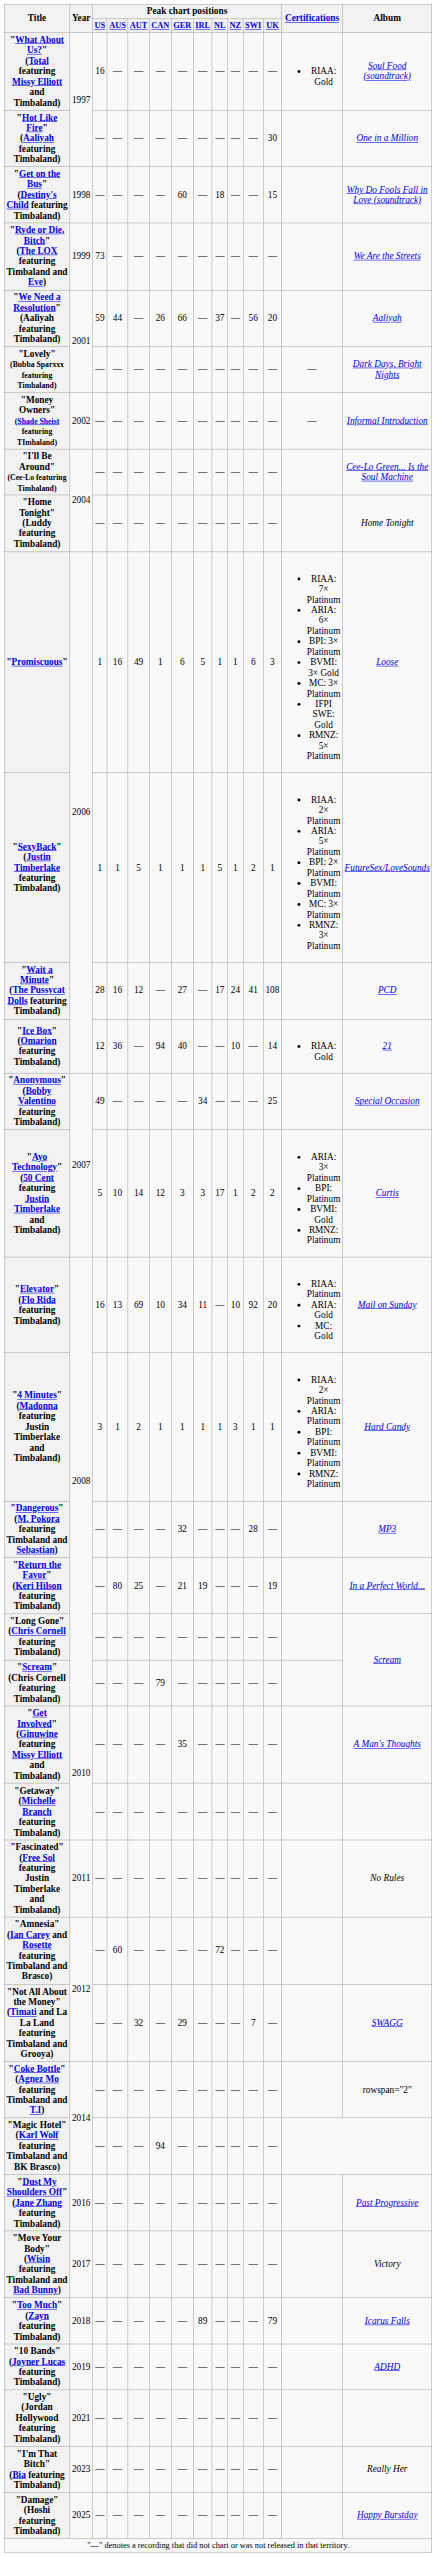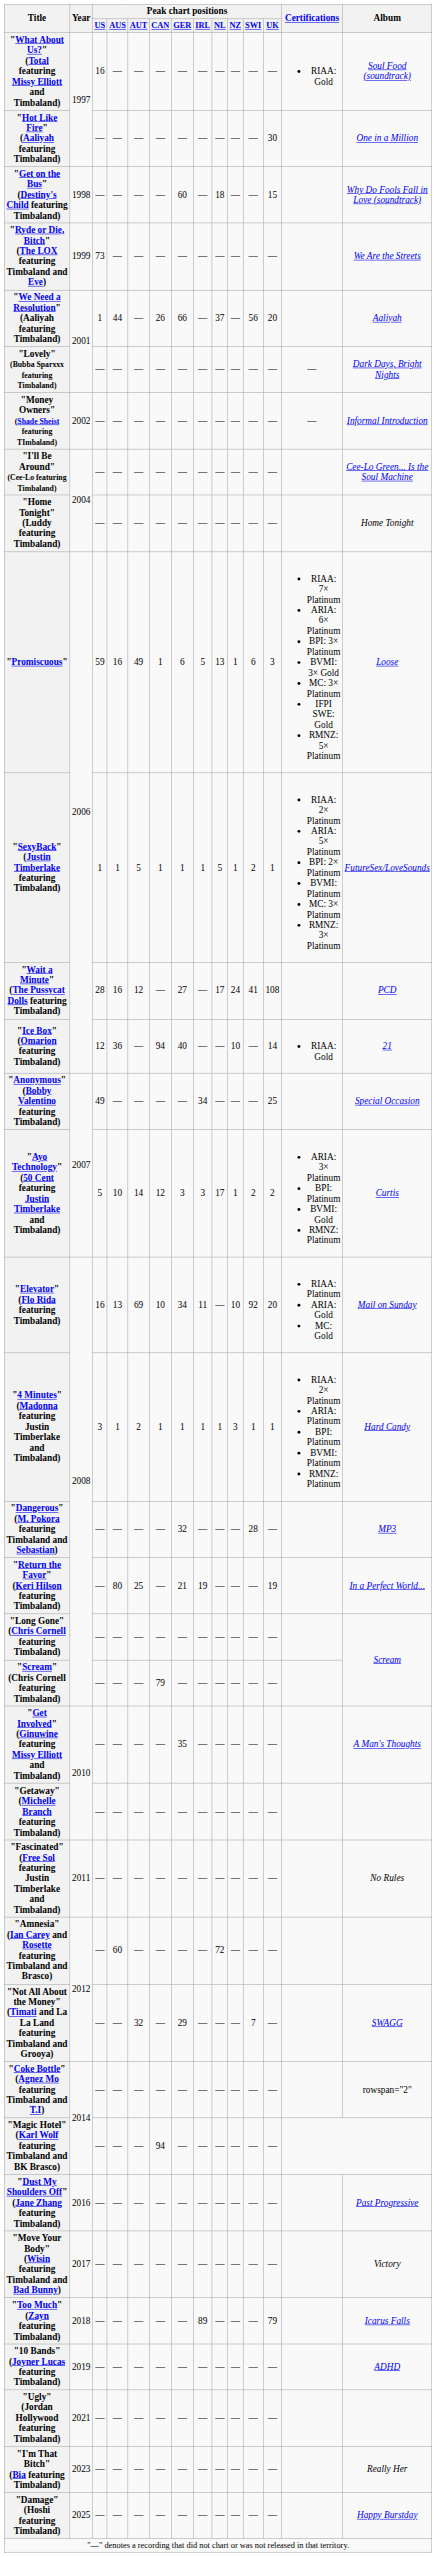 <table class="wikitable plainrowheaders" style="text-align:center;">
 <tr>
 <th scope="col" rowspan="2" style="width:25em;">Title</th>
 <th scope="col" rowspan="2">Year</th>
 <th scope="col" colspan="10">Peak chart positions</th>
 <th scope="col" rowspan="2" style="width:12em;"><a href='#'>Certifications</a></th>
 <th scope="col" rowspan="2" style="width:18em;">Album</th>
 </tr>
 <tr>
 <th style="width:3em; font-size:90%"><a href='#'>US</a><br></th>
 <th style="width:3em; font-size:90%"><a href='#'>AUS</a><br></th>
 <th style="width:3em; font-size:90%"><a href='#'>AUT</a><br></th>
 <th style="width:3em; font-size:90%"><a href='#'>CAN</a><br></th>
 <th style="width:3em; font-size:90%"><a href='#'>GER</a><br></th>
 <th style="width:3em; font-size:90%"><a href='#'>IRL</a><br></th>
 <th style="width:3em; font-size:90%"><a href='#'>NL</a><br></th>
 <th style="width:3em; font-size:90%"><a href='#'>NZ</a><br></th>
 <th style="width:3em;font-size:90%;"><a href='#'>SWI</a><br></th>
 <th style="width:3em; font-size:90%"><a href='#'>UK</a><br></th>
 </tr>
 <tr>
 <th scope="row">"<a href='#'>What About Us?</a>"<br><span>(<a href='#'>Total</a> featuring <a href='#'>Missy Elliott</a> and Timbaland)</span></th>
 <td rowspan="2">1997</td>
 <td>16</td>
 <td>—</td>
 <td>—</td>
 <td>—</td>
 <td>—</td>
 <td>—</td>
 <td>—</td>
 <td>—</td>
 <td>—</td>
 <td>—</td>
 <td><br><ul><li>RIAA: Gold</li></ul></td>
 <td><em><a href='#'>Soul Food (soundtrack)</a></em></td>
 </tr>
 <tr>
 <th scope="row">"<a href='#'>Hot Like Fire</a>"<br><span>(<a href='#'>Aaliyah</a> featuring Timbaland)</span></th>
 <td>—</td>
 <td>—</td>
 <td>—</td>
 <td>—</td>
 <td>—</td>
 <td>—</td>
 <td>—</td>
 <td>—</td>
 <td>—</td>
 <td>30</td>
 <td></td>
 <td><em><a href='#'>One in a Million</a></em></td>
 </tr>
 <tr>
 <th scope="row">"<a href='#'>Get on the Bus</a>"<br><span>(<a href='#'>Destiny's Child</a> featuring Timbaland)</span></th>
 <td>1998</td>
 <td>—</td>
 <td>—</td>
 <td>—</td>
 <td>—</td>
 <td>60</td>
 <td>—</td>
 <td>18</td>
 <td>—</td>
 <td>—</td>
 <td>15</td>
 <td></td>
 <td><a href='#'><em>Why Do Fools Fall in Love (soundtrack)</em></a></td>
 </tr>
 <tr>
 <th scope="row">"<a href='#'>Ryde or Die, Bitch</a>"<br><span>(<a href='#'>The LOX</a> featuring Timbaland and <a href='#'>Eve</a>)</span></th>
 <td>1999</td>
 <td>73</td>
 <td>—</td>
 <td>—</td>
 <td>—</td>
 <td>—</td>
 <td>—</td>
 <td>—</td>
 <td>—</td>
 <td>—</td>
 <td>—</td>
 <td></td>
 <td><em><a href='#'>We Are the Streets</a></em></td>
 </tr>
 <tr>
 <th scope="row">"<a href='#'>We Need a Resolution</a>"<br><span>(Aaliyah featuring Timbaland)</span></th>
 <td rowspan="2">2001</td>
-<td>59</td>
+<td>1</td>
 <td>44</td>
 <td>—</td>
 <td>26</td>
 <td>66</td>
 <td>—</td>
 <td>37</td>
 <td>—</td>
 <td>56</td>
 <td>20</td>
 <td></td>
 <td><em><a href='#'>Aaliyah</a></em></td>
 </tr>
 <tr>
 <th scope="row">"Lovely"<br><small>(Bubba Sparxxx featuring Timbaland)</small></th>
 <td>—</td>
 <td>—</td>
 <td>—</td>
 <td>—</td>
 <td>—</td>
 <td>—</td>
 <td>—</td>
 <td>—</td>
 <td>—</td>
 <td>—</td>
 <td>—</td>
 <td><a href='#'><em>Dark Days, Bright Nights</em></a></td>
 </tr>
 <tr>
 <th scope="row">"Money Owners"<br><small>(<a href='#'>Shade Sheist</a> featuring TImbaland)</small></th>
 <td>2002</td>
 <td>—</td>
 <td>—</td>
 <td>—</td>
 <td>—</td>
 <td>—</td>
 <td>—</td>
 <td>—</td>
 <td>—</td>
 <td>—</td>
 <td>—</td>
 <td>—</td>
 <td><a href='#'><em>Informal Introduction</em></a></td>
 </tr>
 <tr>
 <th scope="row">"I'll Be Around"<br><small>(Cee-Lo featuring Timbaland)</small></th>
 <td rowspan="2">2004</td>
 <td>—</td>
 <td>—</td>
 <td>—</td>
 <td>—</td>
 <td>—</td>
 <td>—</td>
 <td>—</td>
 <td>—</td>
 <td>—</td>
 <td>—</td>
 <td></td>
 <td><a href='#'><em>Cee-Lo Green... Is the Soul Machine</em></a></td>
 </tr>
 <tr>
 <th scope="row">"Home Tonight"<br><span>(Luddy featuring Timbaland)</span></th>
 <td>—</td>
 <td>—</td>
 <td>—</td>
 <td>—</td>
 <td>—</td>
 <td>—</td>
 <td>—</td>
 <td>—</td>
 <td>—</td>
 <td>—</td>
 <td></td>
 <td><em>Home Tonight</em></td>
 </tr>
 <tr>
 <th scope="row">"<a href='#'>Promiscuous</a>"<br><span></span></th>
 <td rowspan="4">2006</td>
-<td>1</td>
+<td>59</td>
 <td>16</td>
 <td>49</td>
 <td>1</td>
 <td>6</td>
 <td>5</td>
-<td>1</td>
+<td>13</td>
 <td>1</td>
 <td>6</td>
 <td>3</td>
 <td><br><ul><li>RIAA: 7× Platinum</li><li>ARIA: 6× Platinum</li><li>BPI: 3× Platinum</li><li>BVMI: 3× Gold</li><li>MC: 3× Platinum</li><li>IFPI SWE: Gold</li><li>RMNZ: 5× Platinum</li></ul></td>
 <td><em><a href='#'>Loose</a></em></td>
 </tr>
 <tr>
 <th scope="row">"<a href='#'>SexyBack</a>"<br><span>(<a href='#'>Justin Timberlake</a> featuring Timbaland)</span></th>
 <td>1</td>
 <td>1</td>
 <td>5</td>
 <td>1</td>
 <td>1</td>
 <td>1</td>
 <td>5</td>
 <td>1</td>
 <td>2</td>
 <td>1</td>
 <td><br><ul><li>RIAA: 2× Platinum</li><li>ARIA: 5× Platinum</li><li>BPI: 2× Platinum</li><li>BVMI: Platinum</li><li>MC: 3× Platinum</li><li>RMNZ: 3× Platinum</li></ul></td>
 <td><em><a href='#'>FutureSex/LoveSounds</a></em></td>
 </tr>
 <tr>
 <th scope="row">"<a href='#'>Wait a Minute</a>"<br><span>(<a href='#'>The Pussycat Dolls</a> featuring Timbaland)</span></th>
 <td>28</td>
 <td>16</td>
 <td>12</td>
 <td>—</td>
 <td>27</td>
 <td>—</td>
 <td>17</td>
 <td>24</td>
 <td>41</td>
 <td>108</td>
 <td></td>
 <td><em><a href='#'>PCD</a></em></td>
 </tr>
 <tr>
 <th scope="row">"<a href='#'>Ice Box</a>"<br><span>(<a href='#'>Omarion</a> featuring Timbaland)</span></th>
 <td>12</td>
 <td>36</td>
 <td>—</td>
 <td>94</td>
 <td>40</td>
 <td>—</td>
 <td>—</td>
 <td>10</td>
 <td>—</td>
 <td>14</td>
 <td><br><ul><li>RIAA: Gold</li></ul></td>
 <td><em><a href='#'>21</a></em></td>
 </tr>
 <tr>
 <th scope="row">"<a href='#'>Anonymous</a>"<br><span>(<a href='#'>Bobby Valentino</a> featuring Timbaland)</span></th>
 <td rowspan="2">2007</td>
 <td>49</td>
 <td>—</td>
 <td>—</td>
 <td>—</td>
 <td>—</td>
 <td>34</td>
 <td>—</td>
 <td>—</td>
 <td>—</td>
 <td>25</td>
 <td></td>
 <td><em><a href='#'>Special Occasion</a></em></td>
 </tr>
 <tr>
 <th scope="row">"<a href='#'>Ayo Technology</a>"<br><span>(<a href='#'>50 Cent</a> featuring <a href='#'>Justin Timberlake</a> and Timbaland)</span></th>
 <td>5</td>
 <td>10</td>
 <td>14</td>
 <td>12</td>
 <td>3</td>
 <td>3</td>
 <td>17</td>
 <td>1</td>
 <td>2</td>
 <td>2</td>
 <td><br><ul><li>ARIA: 3× Platinum</li><li>BPI: Platinum</li><li>BVMI: Gold</li><li>RMNZ: Platinum</li></ul></td>
 <td><em><a href='#'>Curtis</a></em></td>
 </tr>
 <tr>
 <th scope="row">"<a href='#'>Elevator</a>"<br><span>(<a href='#'>Flo Rida</a> featuring Timbaland)</span></th>
 <td rowspan="6">2008</td>
 <td>16</td>
 <td>13</td>
 <td>69</td>
 <td>10</td>
 <td>34</td>
 <td>11</td>
 <td>—</td>
 <td>10</td>
 <td>92</td>
 <td>20</td>
 <td><br><ul><li>RIAA: Platinum</li><li>ARIA: Gold</li><li>MC: Gold</li></ul></td>
 <td><em><a href='#'>Mail on Sunday</a></em></td>
 </tr>
 <tr>
 <th scope="row">"<a href='#'>4 Minutes</a>"<br><span>(<a href='#'>Madonna</a> featuring Justin Timberlake and Timbaland)</span></th>
 <td>3</td>
 <td>1</td>
 <td>2</td>
 <td>1</td>
 <td>1</td>
 <td>1</td>
 <td>1</td>
 <td>3</td>
 <td>1</td>
 <td>1</td>
 <td><br><ul><li>RIAA: 2× Platinum</li><li>ARIA: Platinum</li><li>BPI: Platinum</li><li>BVMI: Platinum</li><li>RMNZ: Platinum</li></ul></td>
 <td><em><a href='#'>Hard Candy</a></em></td>
 </tr>
 <tr>
 <th scope="row">"<a href='#'>Dangerous</a>"<br><span>(<a href='#'>M. Pokora</a> featuring Timbaland and <a href='#'>Sebastian</a>)</span></th>
 <td>—</td>
 <td>—</td>
 <td>—</td>
 <td>—</td>
 <td>32</td>
 <td>—</td>
 <td>—</td>
 <td>—</td>
 <td>28</td>
 <td>—</td>
 <td></td>
 <td><em><a href='#'>MP3</a></em></td>
 </tr>
 <tr>
 <th scope="row">"<a href='#'>Return the Favor</a>"<br><span>(<a href='#'>Keri Hilson</a> featuring Timbaland)</span></th>
 <td>—</td>
 <td>80</td>
 <td>25</td>
 <td>—</td>
 <td>21</td>
 <td>19</td>
 <td>—</td>
 <td>—</td>
 <td>—</td>
 <td>19</td>
 <td></td>
 <td><em><a href='#'>In a Perfect World...</a></em></td>
 </tr>
 <tr>
 <th scope="row">"Long Gone"<br><span>(<a href='#'>Chris Cornell</a> featuring Timbaland)</span></th>
 <td>—</td>
 <td>—</td>
 <td>—</td>
 <td>—</td>
 <td>—</td>
 <td>—</td>
 <td>—</td>
 <td>—</td>
 <td>—</td>
 <td>—</td>
 <td></td>
 <td rowspan="2"><em><a href='#'>Scream</a></em></td>
 </tr>
 <tr>
 <th scope="row">"<a href='#'>Scream</a>"<br><span>(Chris Cornell featuring Timbaland)</span></th>
 <td>—</td>
 <td>—</td>
 <td>—</td>
 <td>79</td>
 <td>—</td>
 <td>—</td>
 <td>—</td>
 <td>—</td>
 <td>—</td>
 <td>—</td>
 <td></td>
 </tr>
 <tr>
 <th scope="row">"<a href='#'>Get Involved</a>"<br><span>(<a href='#'>Ginuwine</a> featuring <a href='#'>Missy Elliott</a> and Timbaland)</span></th>
 <td rowspan="2">2010</td>
 <td>—</td>
 <td>—</td>
 <td>—</td>
 <td>—</td>
 <td>35</td>
 <td>—</td>
 <td>—</td>
 <td>—</td>
 <td>—</td>
 <td>—</td>
 <td></td>
 <td><em><a href='#'>A Man's Thoughts</a></em></td>
 </tr>
 <tr>
 <th scope="row">"Getaway"<br><span>(<a href='#'>Michelle Branch</a> featuring Timbaland)</span></th>
 <td>—</td>
 <td>—</td>
 <td>—</td>
 <td>—</td>
 <td>—</td>
 <td>—</td>
 <td>—</td>
 <td>—</td>
 <td>—</td>
 <td>—</td>
 <td></td>
 <td></td>
 </tr>
 <tr>
 <th scope="row">"Fascinated"<br><span>(<a href='#'>Free Sol</a> featuring Justin Timberlake and Timbaland)</span></th>
 <td>2011</td>
 <td>—</td>
 <td>—</td>
 <td>—</td>
 <td>—</td>
 <td>—</td>
 <td>—</td>
 <td>—</td>
 <td>—</td>
 <td>—</td>
 <td>—</td>
 <td></td>
 <td><em>No Rules</em></td>
 </tr>
 <tr>
 <th scope="row">"Amnesia"<br><span>(<a href='#'>Ian Carey</a> and <a href='#'>Rosette</a> featuring Timbaland and Brasco)</span></th>
 <td rowspan="2">2012</td>
 <td>—</td>
 <td>60</td>
 <td>—</td>
 <td>—</td>
 <td>—</td>
 <td>—</td>
 <td>72</td>
 <td>—</td>
 <td>—</td>
 <td>—</td>
 <td></td>
 <td></td>
 </tr>
 <tr>
 <th scope="row">"Not All About the Money"<br><span>(<a href='#'>Timati</a> and La La Land featuring Timbaland and Grooya)</span></th>
 <td>—</td>
 <td>—</td>
 <td>32</td>
 <td>—</td>
 <td>29</td>
 <td>—</td>
 <td>—</td>
 <td>—</td>
 <td>7</td>
 <td>—</td>
 <td></td>
 <td><em><a href='#'>SWAGG</a></em></td>
 </tr>
 <tr>
 <th scope="row">"<a href='#'>Coke Bottle</a>"<br><span>(<a href='#'>Agnez Mo</a> featuring Timbaland and <a href='#'>T.I</a>)</span></th>
 <td rowspan="2">2014</td>
 <td>—</td>
 <td>—</td>
 <td>—</td>
 <td>—</td>
 <td>—</td>
 <td>—</td>
 <td>—</td>
 <td>—</td>
 <td>—</td>
 <td>—</td>
 <td></td>
 <td>rowspan="2" </td>
 </tr>
 <tr>
 <th scope="row">"Magic Hotel"<br><span>(<a href='#'>Karl Wolf</a> featuring Timbaland and BK Brasco)</span></th>
 <td>—</td>
 <td>—</td>
 <td>—</td>
 <td>94</td>
 <td>—</td>
 <td>—</td>
 <td>—</td>
 <td>—</td>
 <td —>—</td>
 <td>—</td>
 </tr>
 <tr>
 <th scope="row">"<a href='#'>Dust My Shoulders Off</a>"<br><span>(<a href='#'>Jane Zhang</a> featuring Timbaland)</span></th>
 <td>2016</td>
 <td>—</td>
 <td>—</td>
 <td>—</td>
 <td>—</td>
 <td>—</td>
 <td>—</td>
 <td>—</td>
 <td>—</td>
 <td>—</td>
 <td>—</td>
 <td></td>
 <td><em><a href='#'>Past Progressive</a></em></td>
 </tr>
 <tr>
 <th scope="row">"Move Your Body"<br><span>(<a href='#'>Wisin</a> featuring Timbaland and <a href='#'>Bad Bunny</a>)</span></th>
 <td>2017</td>
 <td>—</td>
 <td>—</td>
 <td>—</td>
 <td>—</td>
 <td>—</td>
 <td>—</td>
 <td>—</td>
 <td>—</td>
 <td>—</td>
 <td>—</td>
 <td></td>
 <td><em>Victory</em></td>
 </tr>
 <tr>
 <th scope="row">"<a href='#'>Too Much</a>"<br><span>(<a href='#'>Zayn</a> featuring Timbaland)</span></th>
 <td>2018</td>
 <td>—</td>
 <td>—</td>
 <td>—</td>
 <td>—</td>
 <td>—</td>
 <td>89</td>
 <td>—</td>
 <td>—</td>
 <td>—</td>
 <td>79</td>
 <td></td>
 <td><em><a href='#'>Icarus Falls</a></em></td>
 </tr>
 <tr>
 <th scope="row">"10 Bands"<br><span>(<a href='#'>Joyner Lucas</a> featuring Timbaland)</span></th>
 <td>2019</td>
 <td>—</td>
 <td>—</td>
 <td>—</td>
 <td>—</td>
 <td>—</td>
 <td>—</td>
 <td>—</td>
 <td>—</td>
 <td>—</td>
 <td>—</td>
 <td></td>
 <td><em><a href='#'>ADHD</a></em></td>
 </tr>
 <tr>
 <th scope="row">"Ugly"<br><span>(Jordan Hollywood featuring Timbaland)</span></th>
 <td>2021</td>
 <td>—</td>
 <td>—</td>
 <td>—</td>
 <td>—</td>
 <td>—</td>
 <td>—</td>
 <td>—</td>
 <td>—</td>
 <td>—</td>
 <td>—</td>
 <td></td>
 <td></td>
 </tr>
 <tr>
 <th scope="row">"I'm That Bitch"<br><span>(<a href='#'>Bia</a> featuring Timbaland)</span></th>
 <td>2023</td>
 <td>—</td>
 <td>—</td>
 <td>—</td>
 <td>—</td>
 <td>—</td>
 <td>—</td>
 <td>—</td>
 <td>—</td>
 <td>—</td>
 <td>—</td>
 <td></td>
 <td><em>Really Her</em></td>
 </tr>
 <tr>
 <th>"Damage"<br><span>(Hoshi featuring Timbaland)</span></th>
 <td>2025</td>
 <td>—</td>
 <td>—</td>
 <td>—</td>
 <td>—</td>
 <td>—</td>
 <td>—</td>
 <td>—</td>
 <td>—</td>
 <td>—</td>
 <td>—</td>
 <td></td>
 <td><a href='#'><em>Happy Burstday</em></a></td>
 </tr>
 <tr>
 <td colspan="18" style="font-size:90%">"—" denotes a recording that did not chart or was not released in that territory.</td>
 </tr>
 </table>
